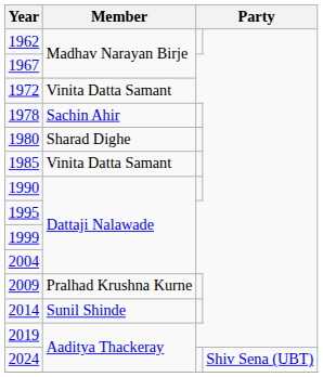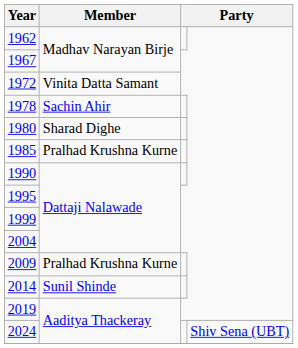 <table class="wikitable">
 <tr>
 <th>Year</th>
 <th>Member</th>
 <th colspan="2">Party</th>
 </tr>
 <tr>
 <td><a href='#'>1962</a></td>
 <td rowspan="2">Madhav Narayan Birje</td>
 <td></td>
 </tr>
 <tr>
 <td><a href='#'>1967</a></td>
 </tr>
 <tr>
 <td><a href='#'>1972</a></td>
 <td>Vinita Datta Samant</td>
 </tr>
 <tr>
 <td><a href='#'>1978</a></td>
 <td><a href='#'>Sachin Ahir</a></td>
 <td></td>
 </tr>
 <tr>
 <td><a href='#'>1980</a></td>
 <td>Sharad Dighe</td>
 <td></td>
 </tr>
 <tr>
 <td><a href='#'>1985</a></td>
-<td>Vinita Datta Samant</td>
+<td>Pralhad Krushna Kurne</td>
 <td></td>
 </tr>
 <tr>
 <td><a href='#'>1990</a></td>
 <td rowspan="4"><a href='#'>Dattaji Nalawade</a></td>
 <td></td>
 </tr>
 <tr>
 <td><a href='#'>1995</a></td>
 </tr>
 <tr>
 <td><a href='#'>1999</a></td>
 </tr>
 <tr>
 <td><a href='#'>2004</a></td>
 </tr>
 <tr>
 <td><a href='#'>2009</a></td>
 <td>Pralhad Krushna Kurne</td>
 <td></td>
 </tr>
 <tr>
 <td><a href='#'>2014</a></td>
 <td><a href='#'>Sunil Shinde</a></td>
 <td></td>
 </tr>
 <tr>
 <td><a href='#'>2019</a></td>
 <td rowspan="2"><a href='#'>Aaditya Thackeray</a></td>
 </tr>
 <tr>
 <td><a href='#'>2024</a></td>
 <td style="background-color: "></td>
 <td><a href='#'>Shiv Sena (UBT)</a></td>
 </tr>
 <tr>
 </tr>
 </table>
